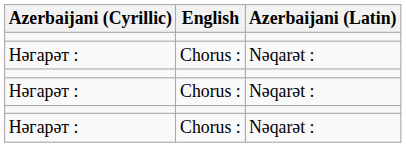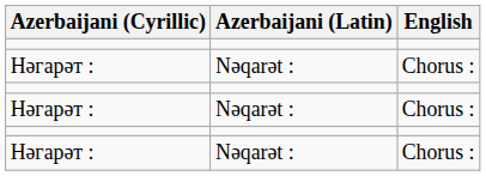 <table class="wikitable">
 <tr>
 <th>Azerbaijani (Cyrillic)</th>
+<th>Azerbaijani (Latin)</th>
 <th>English</th>
-<th>Azerbaijani (Latin)</th>
 </tr>
 <tr>
 <td></td>
 <td></td>
 <td></td>
 </tr>
 <tr>
 <td>Нәгарәт :<br></td>
+<td>Nəqarət :<br></td>
 <td>Chorus :<br></td>
-<td>Nəqarət :<br></td>
 </tr>
 <tr>
 <td></td>
 <td></td>
 <td></td>
 </tr>
 <tr>
 <td>Нәгарәт :<br></td>
+<td>Nəqarət :<br></td>
 <td>Chorus :<br></td>
-<td>Nəqarət :<br></td>
 </tr>
 <tr>
 <td></td>
 <td></td>
 <td></td>
 </tr>
 <tr>
 <td>Нәгарәт :<br></td>
+<td>Nəqarət :<br></td>
 <td>Chorus :<br></td>
-<td>Nəqarət :<br></td>
 </tr>
 </table>
